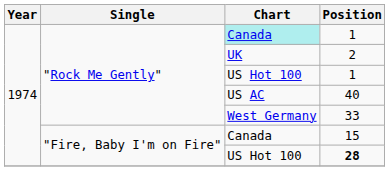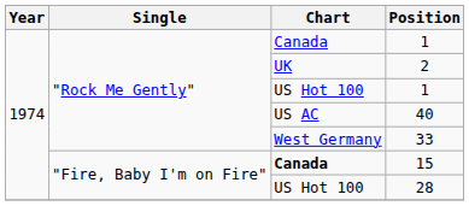 <table class="wikitable">
 <tr>
 <th>Year</th>
 <th>Single</th>
 <th>Chart</th>
 <th>Position</th>
 </tr>
 <tr>
 <td rowspan="7">1974</td>
 <td rowspan="5">"<a href='#'>Rock Me Gently</a>"</td>
-<td style="background: paleturquoise;"><a href='#'>Canada</a></td>
+<td><a href='#'>Canada</a></td>
 <td align="center">1</td>
 </tr>
 <tr>
 <td><a href='#'>UK</a></td>
 <td align="center">2</td>
 </tr>
 <tr>
 <td>US <a href='#'>Hot 100</a></td>
 <td align="center">1</td>
 </tr>
 <tr>
 <td>US <a href='#'>AC</a></td>
 <td align="center">40</td>
 </tr>
 <tr>
 <td><a href='#'>West Germany</a></td>
 <td align="center">33</td>
 </tr>
 <tr>
 <td rowspan="2">"Fire, Baby I'm on Fire"</td>
-<td>Canada</td>
+<td><strong>Canada</strong></td>
 <td align="center">15</td>
 </tr>
 <tr>
 <td>US Hot 100</td>
-<td align="center"><strong>28</strong></td>
+<td align="center">28</td>
 </tr>
 <tr>
 </tr>
 </table>
